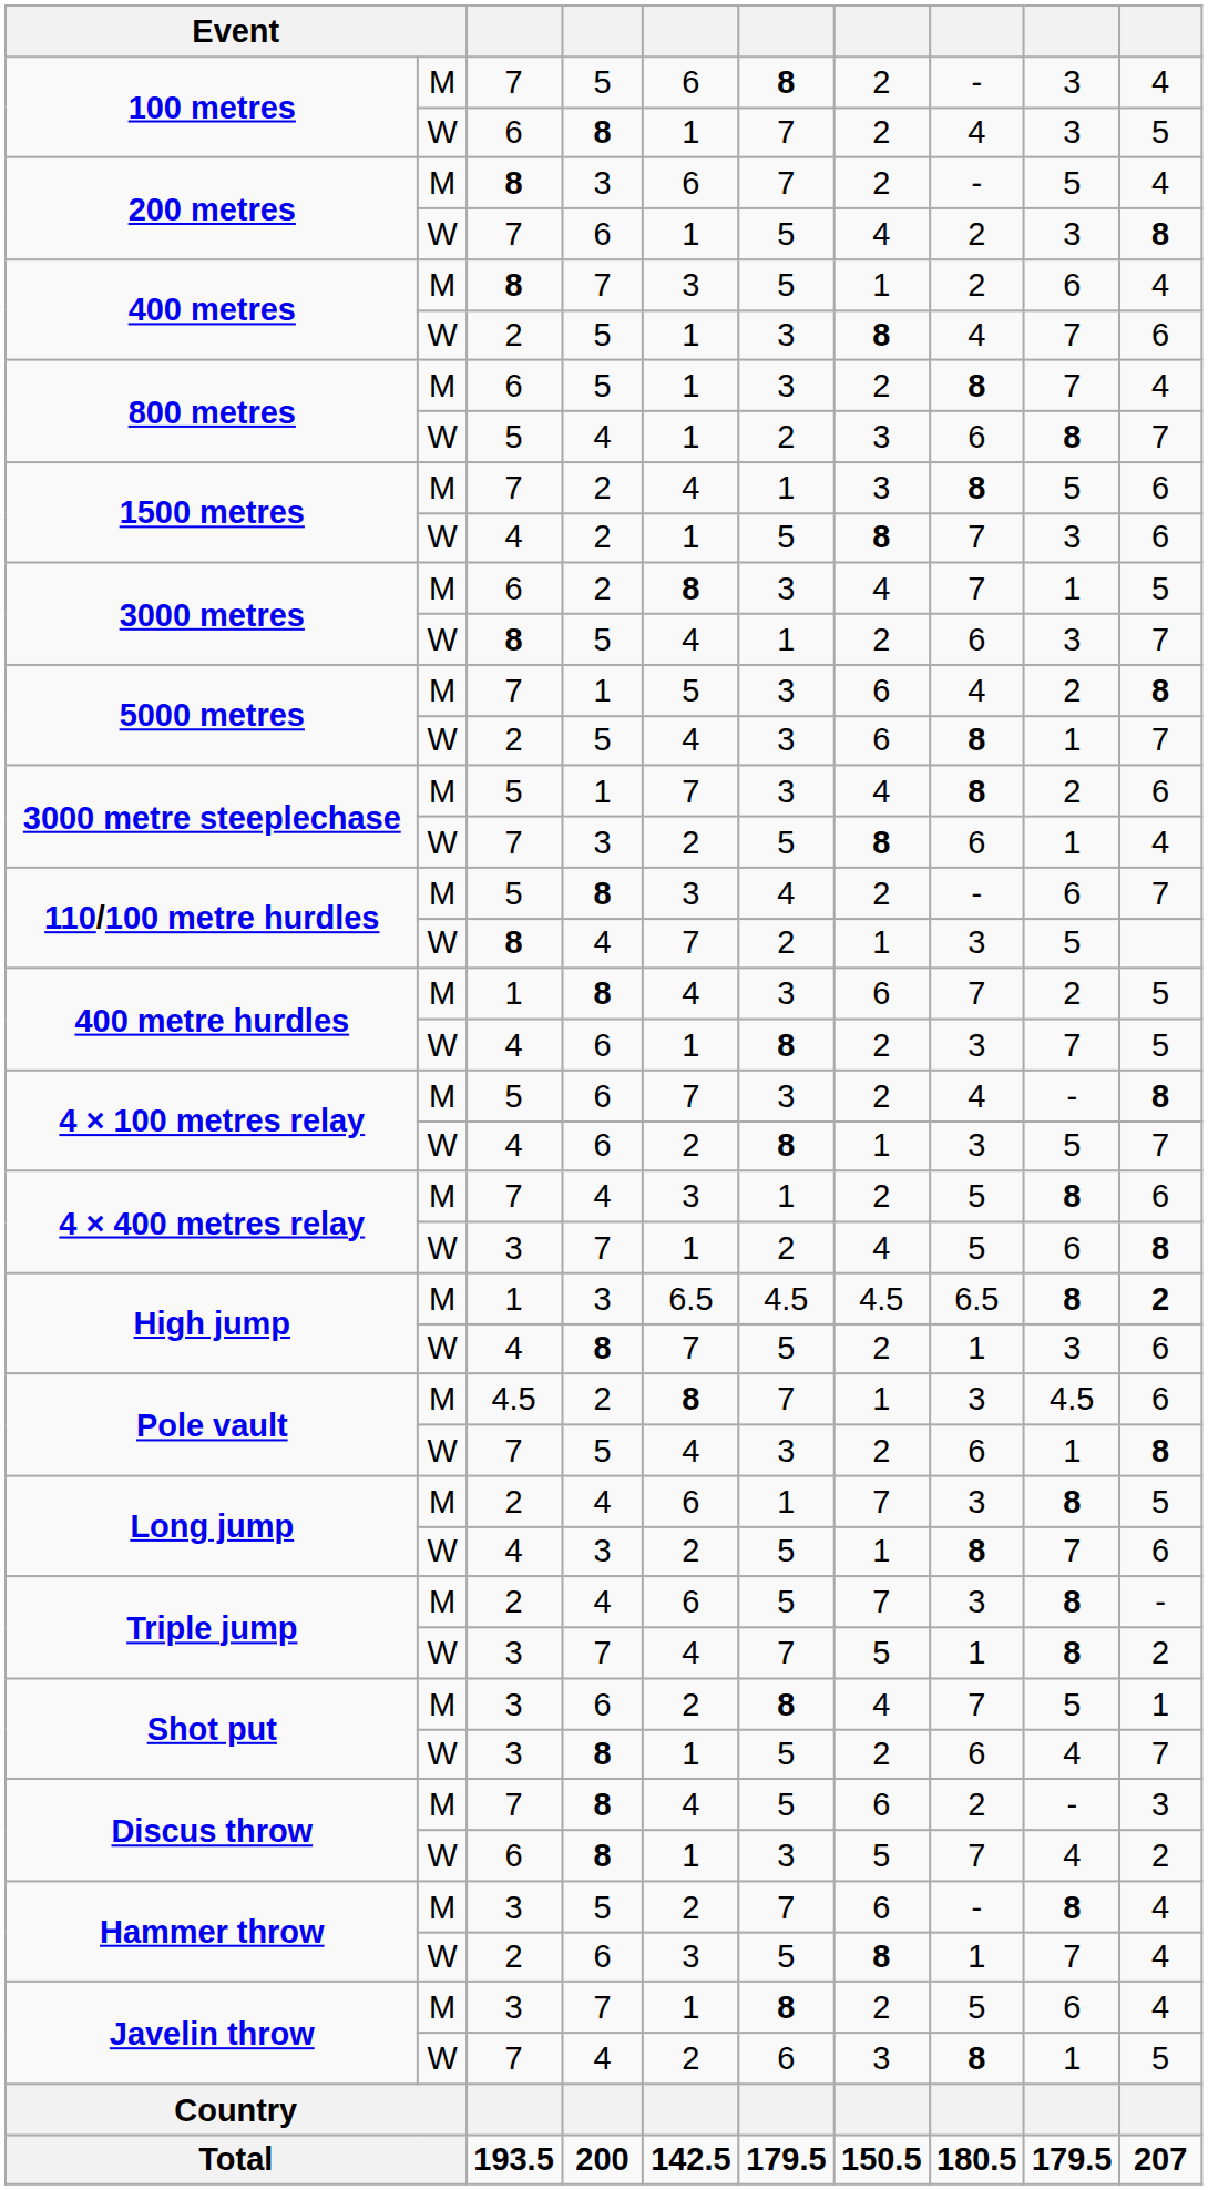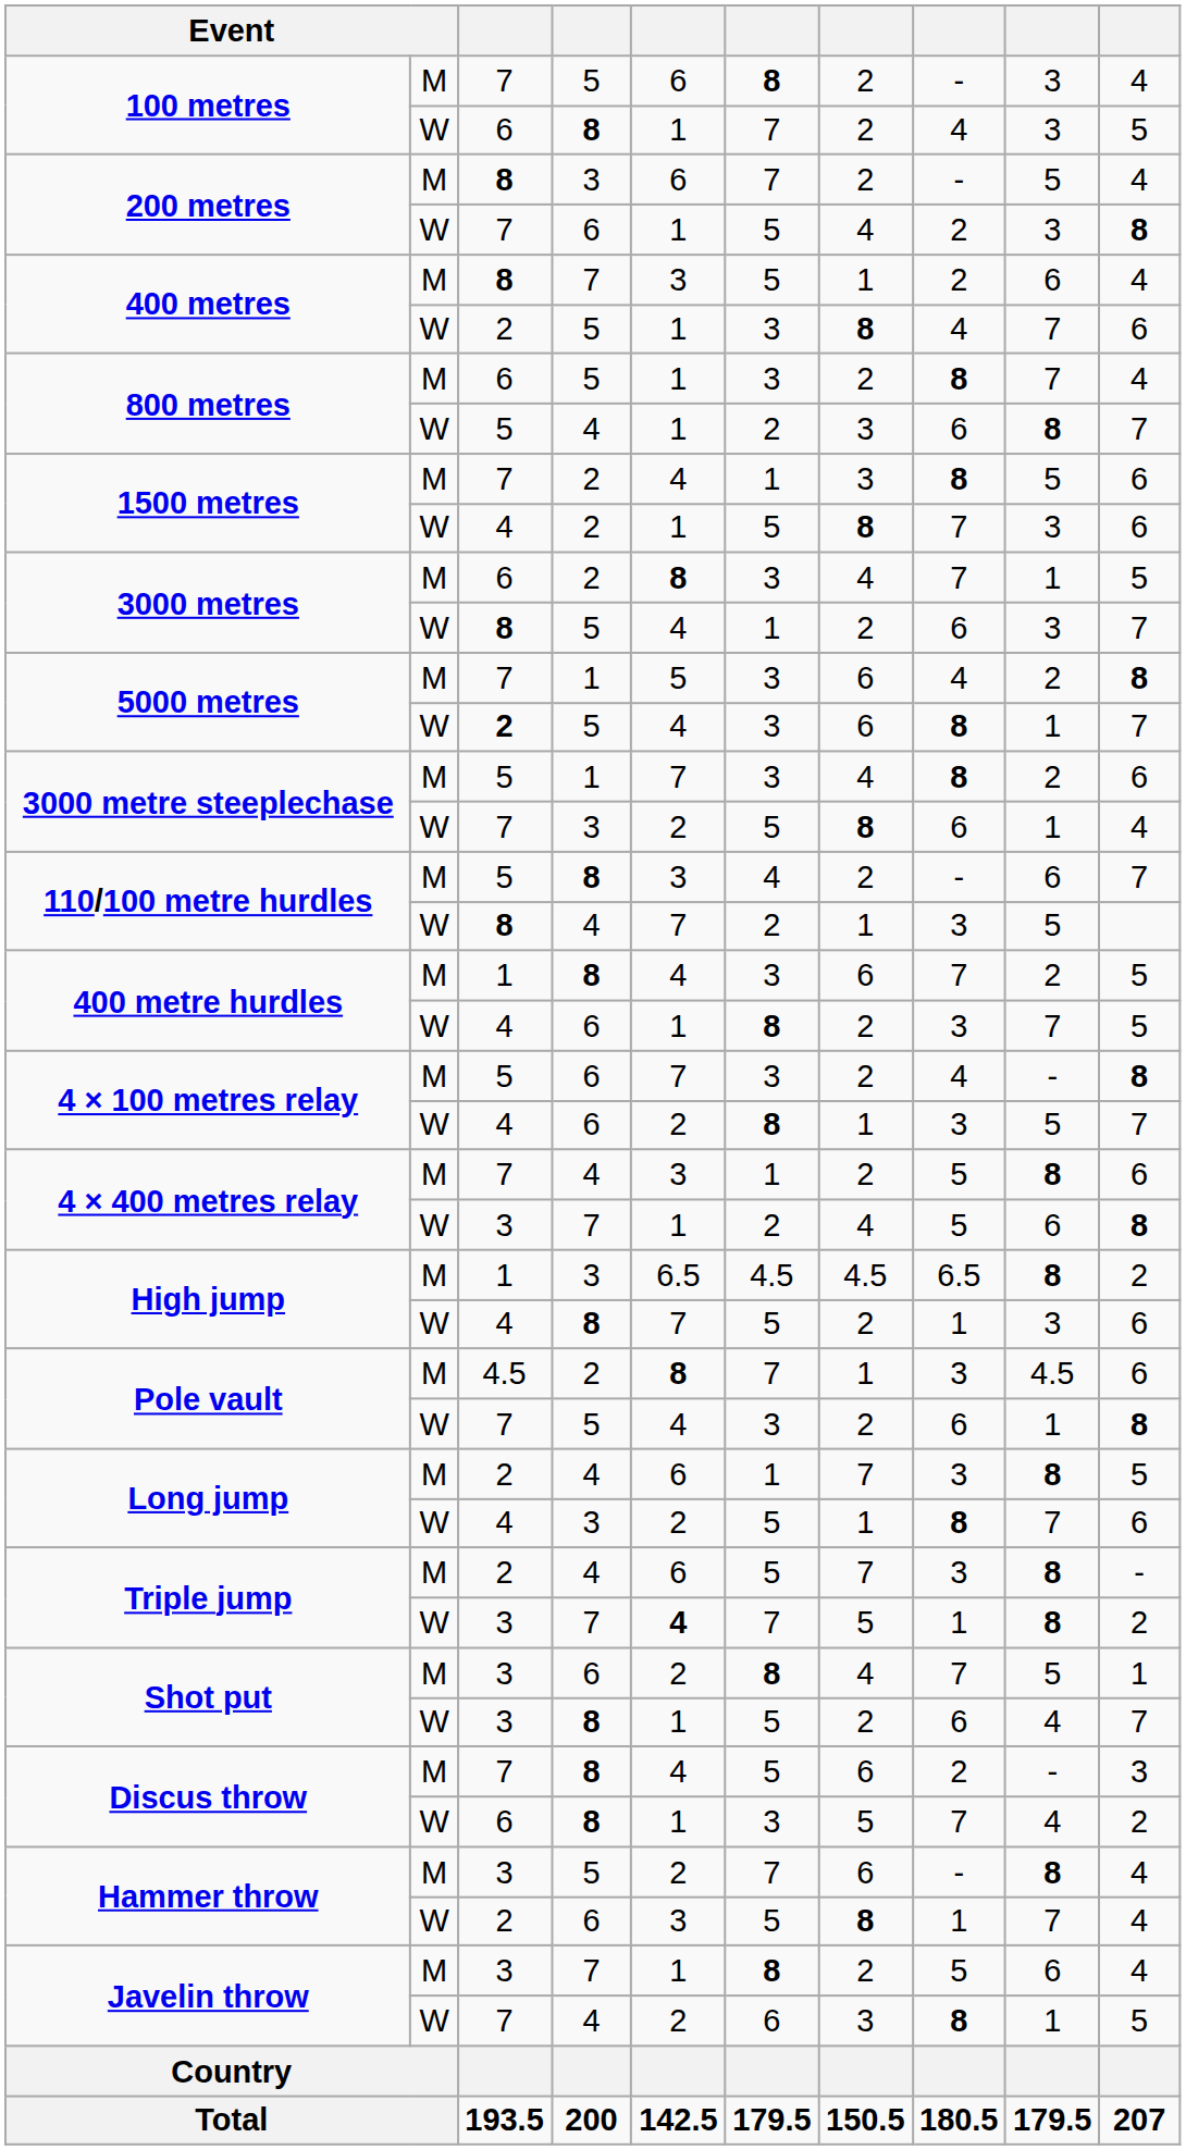 <table class="wikitable" style="background-color: #f9f9f9; font-size: 90%; text-align: center">
 <tr>
 <th width=200 colspan=2>Event</th>
 <th width=30></th>
 <th width=30></th>
 <th width=30></th>
 <th width=30></th>
 <th width=30></th>
 <th width=30></th>
 <th width=30></th>
 <th width=30></th>
 </tr>
 <tr>
 <td rowspan=2><strong><a href='#'>100 metres</a></strong></td>
 <td>M</td>
 <td>7</td>
 <td>5</td>
 <td>6</td>
 <td><strong>8</strong></td>
 <td>2</td>
 <td>-</td>
 <td>3</td>
 <td>4</td>
 </tr>
 <tr>
 <td>W</td>
 <td>6</td>
 <td><strong>8</strong></td>
 <td>1</td>
 <td>7</td>
 <td>2</td>
 <td>4</td>
 <td>3</td>
 <td>5</td>
 </tr>
 <tr>
 <td rowspan=2><strong><a href='#'>200 metres</a></strong></td>
 <td>M</td>
 <td><strong>8</strong></td>
 <td>3</td>
 <td>6</td>
 <td>7</td>
 <td>2</td>
 <td>-</td>
 <td>5</td>
 <td>4</td>
 </tr>
 <tr>
 <td>W</td>
 <td>7</td>
 <td>6</td>
 <td>1</td>
 <td>5</td>
 <td>4</td>
 <td>2</td>
 <td>3</td>
 <td><strong>8</strong></td>
 </tr>
 <tr>
 <td rowspan=2><strong><a href='#'>400 metres</a></strong></td>
 <td>M</td>
 <td><strong>8</strong></td>
 <td>7</td>
 <td>3</td>
 <td>5</td>
 <td>1</td>
 <td>2</td>
 <td>6</td>
 <td>4</td>
 </tr>
 <tr>
 <td>W</td>
 <td>2</td>
 <td>5</td>
 <td>1</td>
 <td>3</td>
 <td><strong>8</strong></td>
 <td>4</td>
 <td>7</td>
 <td>6</td>
 </tr>
 <tr>
 <td rowspan=2><strong><a href='#'>800 metres</a></strong></td>
 <td>M</td>
 <td>6</td>
 <td>5</td>
 <td>1</td>
 <td>3</td>
 <td>2</td>
 <td><strong>8</strong></td>
 <td>7</td>
 <td>4</td>
 </tr>
 <tr>
 <td>W</td>
 <td>5</td>
 <td>4</td>
 <td>1</td>
 <td>2</td>
 <td>3</td>
 <td>6</td>
 <td><strong>8</strong></td>
 <td>7</td>
 </tr>
 <tr>
 <td rowspan=2><strong><a href='#'>1500 metres</a></strong></td>
 <td>M</td>
 <td>7</td>
 <td>2</td>
 <td>4</td>
 <td>1</td>
 <td>3</td>
 <td><strong>8</strong></td>
 <td>5</td>
 <td>6</td>
 </tr>
 <tr>
 <td>W</td>
 <td>4</td>
 <td>2</td>
 <td>1</td>
 <td>5</td>
 <td><strong>8</strong></td>
 <td>7</td>
 <td>3</td>
 <td>6</td>
 </tr>
 <tr>
 <td rowspan=2><strong><a href='#'>3000 metres</a></strong></td>
 <td>M</td>
 <td>6</td>
 <td>2</td>
 <td><strong>8</strong></td>
 <td>3</td>
 <td>4</td>
 <td>7</td>
 <td>1</td>
 <td>5</td>
 </tr>
 <tr>
 <td>W</td>
 <td><strong>8</strong></td>
 <td>5</td>
 <td>4</td>
 <td>1</td>
 <td>2</td>
 <td>6</td>
 <td>3</td>
 <td>7</td>
 </tr>
 <tr>
 <td rowspan=2><strong><a href='#'>5000 metres</a></strong></td>
 <td>M</td>
 <td>7</td>
 <td>1</td>
 <td>5</td>
 <td>3</td>
 <td>6</td>
 <td>4</td>
 <td>2</td>
 <td><strong>8</strong></td>
 </tr>
 <tr>
 <td>W</td>
-<td>2</td>
+<td><strong>2</strong></td>
 <td>5</td>
 <td>4</td>
 <td>3</td>
 <td>6</td>
 <td><strong>8</strong></td>
 <td>1</td>
 <td>7</td>
 </tr>
 <tr>
 <td rowspan=2><strong><a href='#'>3000 metre steeplechase</a></strong></td>
 <td>M</td>
 <td>5</td>
 <td>1</td>
 <td>7</td>
 <td>3</td>
 <td>4</td>
 <td><strong>8</strong></td>
 <td>2</td>
 <td>6</td>
 </tr>
 <tr>
 <td>W</td>
 <td>7</td>
 <td>3</td>
 <td>2</td>
 <td>5</td>
 <td><strong>8</strong></td>
 <td>6</td>
 <td>1</td>
 <td>4</td>
 </tr>
 <tr>
 <td rowspan=2><strong><a href='#'>110</a>/<a href='#'>100 metre hurdles</a></strong></td>
 <td>M</td>
 <td>5</td>
 <td><strong>8</strong></td>
 <td>3</td>
 <td>4</td>
 <td>2</td>
 <td>-</td>
 <td>6</td>
 <td>7</td>
 </tr>
 <tr>
 <td>W</td>
 <td><strong>8</strong></td>
 <td>4</td>
 <td>7</td>
 <td>2</td>
 <td>1</td>
 <td>3</td>
 <td>5</td>
 </tr>
 <tr>
 <td rowspan=2><strong><a href='#'>400 metre hurdles</a></strong></td>
 <td>M</td>
 <td>1</td>
 <td><strong>8</strong></td>
 <td>4</td>
 <td>3</td>
 <td>6</td>
 <td>7</td>
 <td>2</td>
 <td>5</td>
 </tr>
 <tr>
 <td>W</td>
 <td>4</td>
 <td>6</td>
 <td>1</td>
 <td><strong>8</strong></td>
 <td>2</td>
 <td>3</td>
 <td>7</td>
 <td>5</td>
 </tr>
 <tr>
 <td rowspan=2><strong><a href='#'>4 × 100 metres relay</a></strong></td>
 <td>M</td>
 <td>5</td>
 <td>6</td>
 <td>7</td>
 <td>3</td>
 <td>2</td>
 <td>4</td>
 <td>-</td>
 <td><strong>8</strong></td>
 </tr>
 <tr>
 <td>W</td>
 <td>4</td>
 <td>6</td>
 <td>2</td>
 <td><strong>8</strong></td>
 <td>1</td>
 <td>3</td>
 <td>5</td>
 <td>7</td>
 </tr>
 <tr>
 <td rowspan=2><strong><a href='#'>4 × 400 metres relay</a></strong></td>
 <td>M</td>
 <td>7</td>
 <td>4</td>
 <td>3</td>
 <td>1</td>
 <td>2</td>
 <td>5</td>
 <td><strong>8</strong></td>
 <td>6</td>
 </tr>
 <tr>
 <td>W</td>
 <td>3</td>
 <td>7</td>
 <td>1</td>
 <td>2</td>
 <td>4</td>
 <td>5</td>
 <td>6</td>
 <td><strong>8</strong></td>
 </tr>
 <tr>
 <td rowspan=2><strong><a href='#'>High jump</a></strong></td>
 <td>M</td>
 <td>1</td>
 <td>3</td>
 <td>6.5</td>
 <td>4.5</td>
 <td>4.5</td>
 <td>6.5</td>
 <td><strong>8</strong></td>
-<td><strong>2</strong></td>
+<td>2</td>
 </tr>
 <tr>
 <td>W</td>
 <td>4</td>
 <td><strong>8</strong></td>
 <td>7</td>
 <td>5</td>
 <td>2</td>
 <td>1</td>
 <td>3</td>
 <td>6</td>
 </tr>
 <tr>
 <td rowspan=2><strong><a href='#'>Pole vault</a></strong></td>
 <td>M</td>
 <td>4.5</td>
 <td>2</td>
 <td><strong>8</strong></td>
 <td>7</td>
 <td>1</td>
 <td>3</td>
 <td>4.5</td>
 <td>6</td>
 </tr>
 <tr>
 <td>W</td>
 <td>7</td>
 <td>5</td>
 <td>4</td>
 <td>3</td>
 <td>2</td>
 <td>6</td>
 <td>1</td>
 <td><strong>8</strong></td>
 </tr>
 <tr>
 <td rowspan=2><strong><a href='#'>Long jump</a></strong></td>
 <td>M</td>
 <td>2</td>
 <td>4</td>
 <td>6</td>
 <td>1</td>
 <td>7</td>
 <td>3</td>
 <td><strong>8</strong></td>
 <td>5</td>
 </tr>
 <tr>
 <td>W</td>
 <td>4</td>
 <td>3</td>
 <td>2</td>
 <td>5</td>
 <td>1</td>
 <td><strong>8</strong></td>
 <td>7</td>
 <td>6</td>
 </tr>
 <tr>
 <td rowspan=2><strong><a href='#'>Triple jump</a></strong></td>
 <td>M</td>
 <td>2</td>
 <td>4</td>
 <td>6</td>
 <td>5</td>
 <td>7</td>
 <td>3</td>
 <td><strong>8</strong></td>
 <td>-</td>
 </tr>
 <tr>
 <td>W</td>
 <td>3</td>
 <td>7</td>
-<td>4</td>
+<td><strong>4</strong></td>
 <td>7</td>
 <td>5</td>
 <td>1</td>
 <td><strong>8</strong></td>
 <td>2</td>
 </tr>
 <tr>
 <td rowspan=2><strong><a href='#'>Shot put</a></strong></td>
 <td>M</td>
 <td>3</td>
 <td>6</td>
 <td>2</td>
 <td><strong>8</strong></td>
 <td>4</td>
 <td>7</td>
 <td>5</td>
 <td>1</td>
 </tr>
 <tr>
 <td>W</td>
 <td>3</td>
 <td><strong>8</strong></td>
 <td>1</td>
 <td>5</td>
 <td>2</td>
 <td>6</td>
 <td>4</td>
 <td>7</td>
 </tr>
 <tr>
 <td rowspan=2><strong><a href='#'>Discus throw</a></strong></td>
 <td>M</td>
 <td>7</td>
 <td><strong>8</strong></td>
 <td>4</td>
 <td>5</td>
 <td>6</td>
 <td>2</td>
 <td>-</td>
 <td>3</td>
 </tr>
 <tr>
 <td>W</td>
 <td>6</td>
 <td><strong>8</strong></td>
 <td>1</td>
 <td>3</td>
 <td>5</td>
 <td>7</td>
 <td>4</td>
 <td>2</td>
 </tr>
 <tr>
 <td rowspan=2><strong><a href='#'>Hammer throw</a></strong></td>
 <td>M</td>
 <td>3</td>
 <td>5</td>
 <td>2</td>
 <td>7</td>
 <td>6</td>
 <td>-</td>
 <td><strong>8</strong></td>
 <td>4</td>
 </tr>
 <tr>
 <td>W</td>
 <td>2</td>
 <td>6</td>
 <td>3</td>
 <td>5</td>
 <td><strong>8</strong></td>
 <td>1</td>
 <td>7</td>
 <td>4</td>
 </tr>
 <tr>
 <td rowspan=2><strong><a href='#'>Javelin throw</a></strong></td>
 <td>M</td>
 <td>3</td>
 <td>7</td>
 <td>1</td>
 <td><strong>8</strong></td>
 <td>2</td>
 <td>5</td>
 <td>6</td>
 <td>4</td>
 </tr>
 <tr>
 <td>W</td>
 <td>7</td>
 <td>4</td>
 <td>2</td>
 <td>6</td>
 <td>3</td>
 <td><strong>8</strong></td>
 <td>1</td>
 <td>5</td>
 </tr>
 <tr>
 <th colspan=2>Country</th>
 <th></th>
 <th></th>
 <th></th>
 <th></th>
 <th></th>
 <th></th>
 <th></th>
 <th></th>
 </tr>
 <tr>
 <th colspan=2>Total</th>
 <td><strong>193.5</strong></td>
 <td><strong>200</strong></td>
 <td><strong>142.5</strong></td>
 <td><strong>179.5</strong></td>
 <td><strong>150.5</strong></td>
 <td><strong>180.5</strong></td>
 <td><strong>179.5</strong></td>
 <td><strong>207</strong></td>
 </tr>
 </table>
